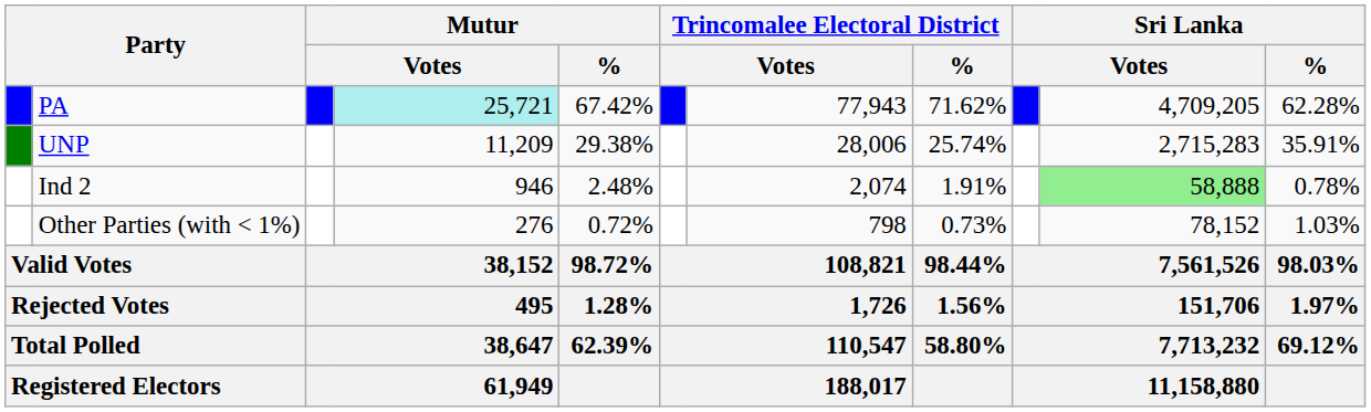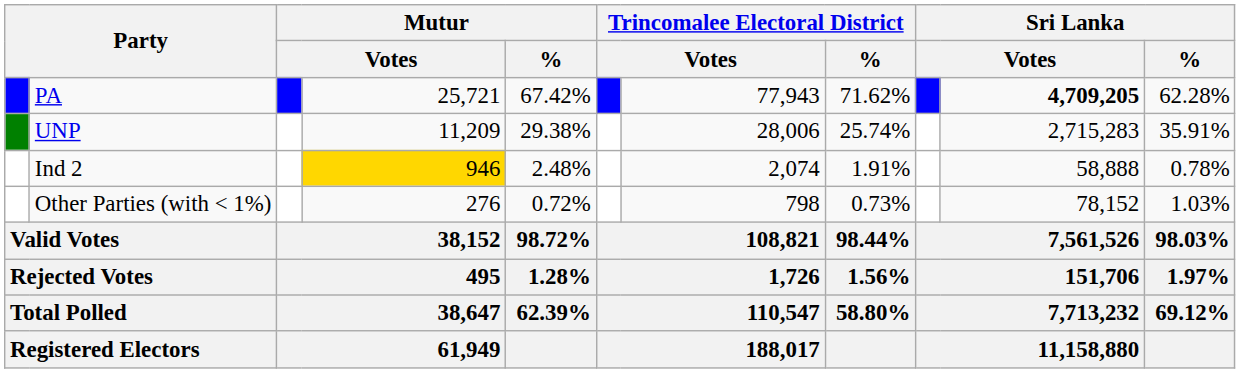 <table class="wikitable">
 <tr>
 <th colspan="2" width="144px"rowspan="2">Party</th>
 <th colspan="3" width="216px">Mutur</th>
 <th colspan="3" width="216px"><a href='#'>Trincomalee Electoral District</a></th>
 <th colspan="3" width="216px">Sri Lanka</th>
 </tr>
 <tr>
 <th colspan="2" width="144px">Votes</th>
 <th>%</th>
 <th colspan="2" width="144px">Votes</th>
 <th>%</th>
 <th colspan="2" width="144px">Votes</th>
 <th>%</th>
 </tr>
 <tr>
 <td style="background-color:blue;" width="10px"></td>
 <td style="text-align:left;"><a href='#'>PA</a></td>
 <td style="background-color:blue;" width="10px"></td>
-<td style="background: paleturquoise; text-align:right;">25,721</td>
+<td style="text-align:right;">25,721</td>
 <td style="text-align:right;">67.42%</td>
 <td style="background-color:blue;" width="10px"></td>
 <td style="text-align:right;">77,943</td>
 <td style="text-align:right;">71.62%</td>
 <td style="background-color:blue;" width="10px"></td>
-<td style="text-align:right;">4,709,205</td>
+<td style="text-align:right;"><strong>4,709,205</strong></td>
 <td style="text-align:right;">62.28%</td>
 </tr>
 <tr>
 <td style="background-color:green;" width="10px"></td>
 <td style="text-align:left;"><a href='#'>UNP</a></td>
 <td style="background-color:white;" width="10px"></td>
 <td style="text-align:right;">11,209</td>
 <td style="text-align:right;">29.38%</td>
 <td style="background-color:white;" width="10px"></td>
 <td style="text-align:right;">28,006</td>
 <td style="text-align:right;">25.74%</td>
 <td style="background-color:white;" width="10px"></td>
 <td style="text-align:right;">2,715,283</td>
 <td style="text-align:right;">35.91%</td>
 </tr>
 <tr>
 <td style="background-color:white;" width="10px"></td>
 <td style="text-align:left;">Ind 2</td>
 <td style="background-color:white;" width="10px"></td>
-<td style="text-align:right;">946</td>
+<td style="background: gold; text-align:right;">946</td>
 <td style="text-align:right;">2.48%</td>
 <td style="background-color:white;" width="10px"></td>
 <td style="text-align:right;">2,074</td>
 <td style="text-align:right;">1.91%</td>
 <td style="background-color:white;" width="10px"></td>
-<td style="background: lightgreen; text-align:right;">58,888</td>
+<td style="text-align:right;">58,888</td>
 <td style="text-align:right;">0.78%</td>
 </tr>
 <tr>
 <td style="background-color:white;" width="10px"></td>
 <td style="text-align:left;">Other Parties (with < 1%)</td>
 <td style="background-color:white;" width="10px"></td>
 <td style="text-align:right;">276</td>
 <td style="text-align:right;">0.72%</td>
 <td style="background-color:white;" width="10px"></td>
 <td style="text-align:right;">798</td>
 <td style="text-align:right;">0.73%</td>
 <td style="background-color:white;" width="10px"></td>
 <td style="text-align:right;">78,152</td>
 <td style="text-align:right;">1.03%</td>
 </tr>
 <tr>
 <th colspan="2" width="144px"style="text-align:left;">Valid Votes</th>
 <th style="text-align:right;"colspan="2" width="144px">38,152</th>
 <th style="text-align:right;">98.72%</th>
 <th style="text-align:right;"colspan="2" width="144px">108,821</th>
 <th style="text-align:right;">98.44%</th>
 <th style="text-align:right;"colspan="2" width="144px">7,561,526</th>
 <th style="text-align:right;">98.03%</th>
 </tr>
 <tr>
 <th colspan="2" width="144px"style="text-align:left;">Rejected Votes</th>
 <th style="text-align:right;"colspan="2" width="144px">495</th>
 <th style="text-align:right;">1.28%</th>
 <th style="text-align:right;"colspan="2" width="144px">1,726</th>
 <th style="text-align:right;">1.56%</th>
 <th style="text-align:right;"colspan="2" width="144px">151,706</th>
 <th style="text-align:right;">1.97%</th>
 </tr>
 <tr>
 <th colspan="2" width="144px"style="text-align:left;">Total Polled</th>
 <th style="text-align:right;"colspan="2" width="144px">38,647</th>
 <th style="text-align:right;">62.39%</th>
 <th style="text-align:right;"colspan="2" width="144px">110,547</th>
 <th style="text-align:right;">58.80%</th>
 <th style="text-align:right;"colspan="2" width="144px">7,713,232</th>
 <th style="text-align:right;">69.12%</th>
 </tr>
 <tr>
 <th colspan="2" width="144px"style="text-align:left;">Registered Electors</th>
 <th style="text-align:right;"colspan="2" width="144px">61,949</th>
 <th></th>
 <th style="text-align:right;"colspan="2" width="144px">188,017</th>
 <th></th>
 <th style="text-align:right;"colspan="2" width="144px">11,158,880</th>
 <th></th>
 </tr>
 </table>
